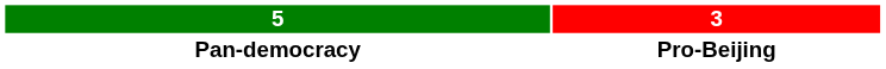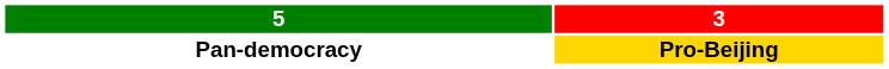 <table style="width:50%; text-align:center;">
 <tr style="color:white;">
 <td style="background:green; width:62.5%;"><strong>5</strong></td>
 <td style="background:red; width:37.5%;"><strong>3</strong></td>
 </tr>
 <tr>
 <td><span><strong>Pan-democracy</strong></span></td>
-<td><span><strong>Pro-Beijing</strong></span></td>
+<td style="background: gold;"><span><strong>Pro-Beijing</strong></span></td>
 </tr>
 </table>
